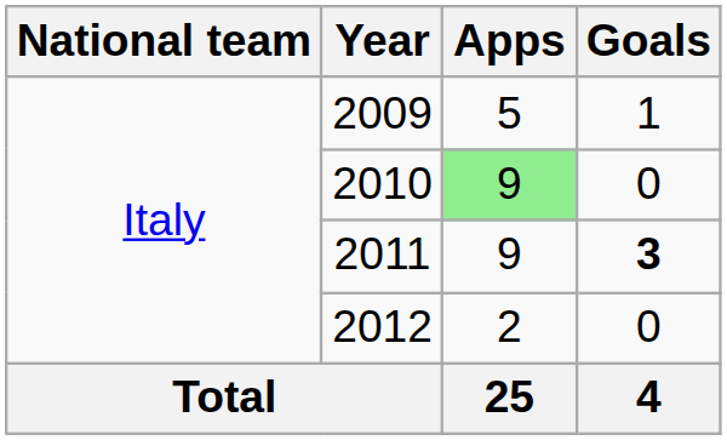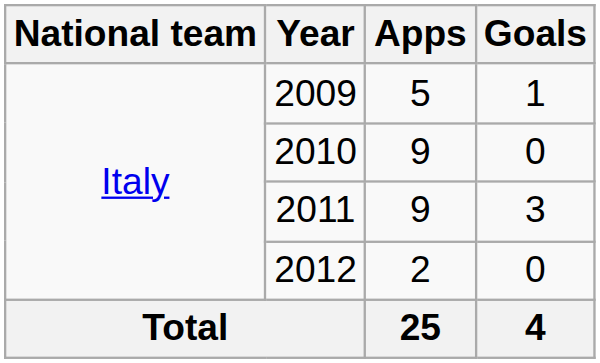 <table class=wikitable style="text-align: center">
 <tr>
 <th>National team</th>
 <th>Year</th>
 <th>Apps</th>
 <th>Goals</th>
 </tr>
 <tr>
 <td rowspan="4"><a href='#'>Italy</a></td>
 <td>2009</td>
 <td>5</td>
 <td>1</td>
 </tr>
 <tr>
 <td>2010</td>
-<td style="background: lightgreen;">9</td>
+<td>9</td>
 <td>0</td>
 </tr>
 <tr>
 <td>2011</td>
 <td>9</td>
-<td><strong>3</strong></td>
+<td>3</td>
 </tr>
 <tr>
 <td>2012</td>
 <td>2</td>
 <td>0</td>
 </tr>
 <tr>
 <th colspan="2">Total</th>
 <th>25</th>
 <th>4</th>
 </tr>
 </table>
